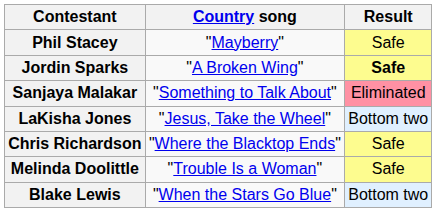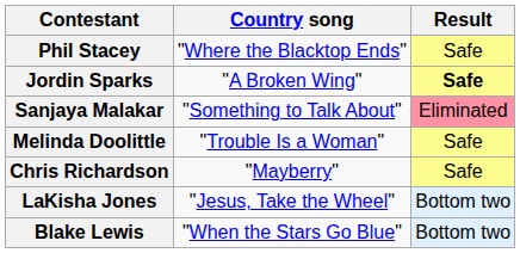 <table class="wikitable unsortable" style="text-align:center;">
 <tr>
 <th scope="col">Contestant</th>
 <th scope="col"><a href='#'>Country</a> song</th>
 <th scope="col">Result</th>
 </tr>
 <tr>
 <th scope="row">Phil Stacey</th>
-<td>"<a href='#'>Mayberry</a>"</td>
+<td>"<a href='#'>Where the Blacktop Ends</a>"</td>
 <td style="background:#FDFC8F">Safe</td>
 </tr>
 <tr>
 <th scope="row">Jordin Sparks</th>
 <td>"<a href='#'>A Broken Wing</a>"</td>
 <td style="background:#FDFC8F"><strong>Safe</strong></td>
 </tr>
 <tr>
 <th scope="row">Sanjaya Malakar</th>
 <td>"<a href='#'>Something to Talk About</a>"</td>
 <td bgcolor="FF91A4">Eliminated</td>
 </tr>
 <tr>
+<th scope="row">Melinda Doolittle</th>
+<td>"<a href='#'>Trouble Is a Woman</a>"</td>
+<td style="background:#FDFC8F">Safe</td>
+</tr>
+<tr>
+<th scope="row">Chris Richardson</th>
+<td>"<a href='#'>Mayberry</a>"</td>
+<td style="background:#FDFC8F">Safe</td>
+</tr>
+<tr>
 <th scope="row">LaKisha Jones</th>
 <td>"<a href='#'>Jesus, Take the Wheel</a>"</td>
 <td bgcolor="E0F0FF">Bottom two</td>
-</tr>
-<tr>
-<th scope="row">Chris Richardson</th>
-<td>"<a href='#'>Where the Blacktop Ends</a>"</td>
-<td style="background:#FDFC8F">Safe</td>
-</tr>
-<tr>
-<th scope="row">Melinda Doolittle</th>
-<td>"<a href='#'>Trouble Is a Woman</a>"</td>
-<td style="background:#FDFC8F">Safe</td>
 </tr>
 <tr>
 <th scope="row">Blake Lewis</th>
 <td>"<a href='#'>When the Stars Go Blue</a>"</td>
 <td bgcolor="E0F0FF">Bottom two</td>
 </tr>
 </table>
